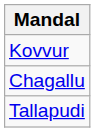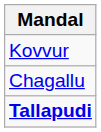 <table class="wikitable sortable static-row-numbers static-row-header-hash">
 <tr>
 <th>Mandal</th>
 </tr>
 <tr>
 <td><a href='#'>Kovvur</a></td>
 </tr>
 <tr>
 <td><a href='#'>Chagallu</a></td>
 </tr>
 <tr>
-<td><a href='#'>Tallapudi</a></td>
+<td><strong><a href='#'>Tallapudi</a></strong></td>
 </tr>
 </table>
